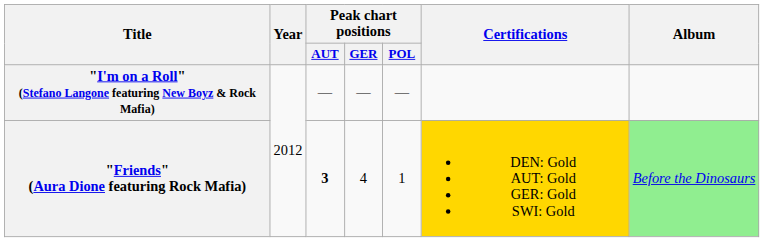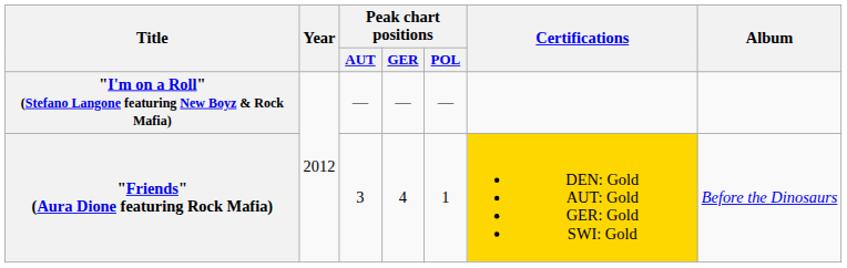 <table class="wikitable plainrowheaders" style="text-align:center;">
 <tr>
 <th scope="col" rowspan="2" style="width:18em;">Title</th>
 <th scope="col" rowspan="2">Year</th>
 <th scope="col" colspan="3">Peak chart positions</th>
 <th scope="col" rowspan="2" style="width:14em;"><a href='#'>Certifications</a></th>
 <th scope="col" rowspan="2">Album</th>
 </tr>
 <tr>
 <th scope="col" style="width:2.5em;font-size:90%;"><a href='#'>AUT</a><br></th>
 <th scope="col" style="width:2.5em;font-size:90%;"><a href='#'>GER</a><br></th>
 <th scope="col" style="width:2.5em;font-size:90%;"><a href='#'>POL</a><br></th>
 </tr>
 <tr>
 <th scope="row">"<a href='#'>I'm on a Roll</a>"<br><small>(<a href='#'>Stefano Langone</a> featuring <a href='#'>New Boyz</a> & Rock Mafia)</small></th>
 <td rowspan="2">2012</td>
 <td>—</td>
 <td>—</td>
 <td>—</td>
 <td></td>
 <td></td>
 </tr>
 <tr>
 <th scope="row">"<a href='#'>Friends</a>" <span><br>(<a href='#'>Aura Dione</a> featuring Rock Mafia)</span></th>
-<td><strong>3</strong></td>
+<td>3</td>
 <td>4</td>
 <td>1</td>
 <td style="background: gold;"><br><ul><li>DEN: Gold</li><li>AUT: Gold</li><li>GER: Gold</li><li>SWI: Gold</li></ul></td>
-<td style="background: lightgreen;"><em><a href='#'>Before the Dinosaurs</a></em></td>
+<td><em><a href='#'>Before the Dinosaurs</a></em></td>
 </tr>
 </table>
